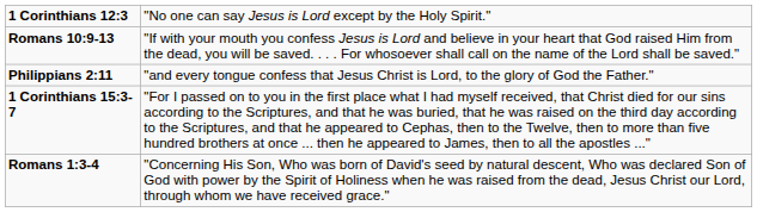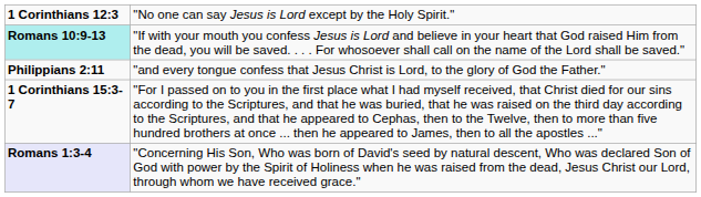 <table class="wikitable">
 <tr valign="top">
 <td width = "150px"><strong>1 Corinthians 12:3</strong></td>
 <td>"No one can say <em>Jesus is Lord</em> except by the Holy Spirit."</td>
 </tr>
 <tr valign="top">
-<td width = "150px"><strong>Romans 10:9-13</strong></td>
+<td width = "150px" style="background: paleturquoise;"><strong>Romans 10:9-13</strong></td>
 <td>"If with your mouth you confess <em>Jesus is Lord</em> and believe in your heart that God raised Him from the dead, you will be saved. . . . For whosoever shall call on the name of the Lord shall be saved."</td>
 </tr>
 <tr valign="top">
 <td width = "150px"><strong>Philippians 2:11</strong></td>
 <td>"and every tongue confess that Jesus Christ is Lord, to the glory of God the Father."</td>
 </tr>
 <tr valign="top">
 <td width = "150px"><strong>1 Corinthians 15:3-7</strong></td>
 <td>"For I passed on to you in the first place what I had myself received, that Christ died for our sins according to the Scriptures, and that he was buried, that he was raised on the third day according to the Scriptures, and that he appeared to Cephas, then to the Twelve, then to more than five hundred brothers at once ... then he appeared to James, then to all the apostles ..."</td>
 </tr>
 <tr valign="top">
-<td width = "150px"><strong>Romans 1:3-4</strong></td>
+<td width = "150px" style="background: lavender;"><strong>Romans 1:3-4</strong></td>
 <td>"Concerning His Son, Who was born of David's seed by natural descent, Who was declared Son of God with power by the Spirit of Holiness when he was raised from the dead, Jesus Christ our Lord, through whom we have received grace."</td>
 </tr>
 </table>
